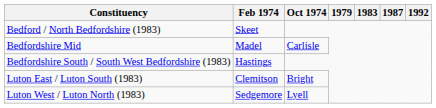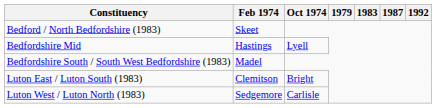 <table class="wikitable">
 <tr>
 <th>Constituency</th>
 <th>Feb 1974</th>
 <th>Oct 1974</th>
 <th>1979</th>
 <th>1983</th>
 <th>1987</th>
 <th>1992</th>
 </tr>
 <tr>
 <td><a href='#'>Bedford</a> / <a href='#'>North Bedfordshire</a> (1983)</td>
 <td><a href='#'>Skeet</a></td>
 </tr>
 <tr>
 <td><a href='#'>Bedfordshire Mid</a></td>
-<td><a href='#'>Madel</a></td>
-<td><a href='#'>Carlisle</a></td>
+<td><a href='#'>Hastings</a></td>
+<td><a href='#'>Lyell</a></td>
 </tr>
 <tr>
 <td><a href='#'>Bedfordshire South</a> / <a href='#'>South West Bedfordshire</a> (1983)</td>
-<td><a href='#'>Hastings</a></td>
+<td><a href='#'>Madel</a></td>
 </tr>
 <tr>
 <td><a href='#'>Luton East</a> / <a href='#'>Luton South</a> (1983)</td>
 <td><a href='#'>Clemitson</a></td>
 <td><a href='#'>Bright</a></td>
 </tr>
 <tr>
 <td><a href='#'>Luton West</a> / <a href='#'>Luton North</a> (1983)</td>
 <td><a href='#'>Sedgemore</a></td>
-<td><a href='#'>Lyell</a></td>
+<td><a href='#'>Carlisle</a></td>
 </tr>
 </table>
